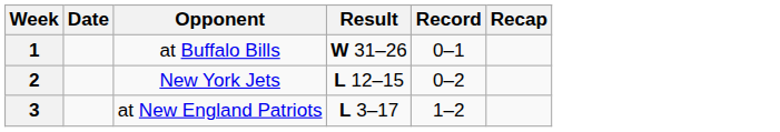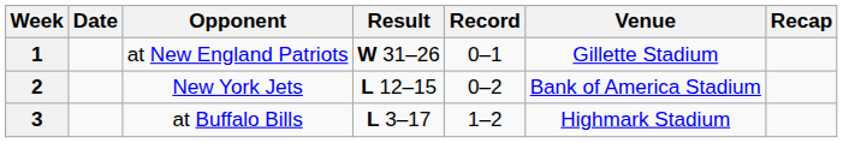 <table class="wikitable" style="text-align:center">
 <tr>
 <th>Week</th>
 <th>Date</th>
 <th>Opponent</th>
 <th>Result</th>
 <th>Record</th>
+<th>Venue</th>
 <th>Recap</th>
 </tr>
 <tr>
 <th>1</th>
 <td></td>
-<td>at <a href='#'>Buffalo Bills</a></td>
+<td>at <a href='#'>New England Patriots</a></td>
 <td><strong>W</strong> 31–26</td>
 <td>0–1</td>
+<td><a href='#'>Gillette Stadium</a></td>
 <td></td>
 </tr>
 <tr>
 <th>2</th>
 <td></td>
 <td><a href='#'>New York Jets</a></td>
 <td><strong>L</strong> 12–15</td>
 <td>0–2</td>
+<td><a href='#'>Bank of America Stadium</a></td>
 <td></td>
 </tr>
 <tr>
 <th>3</th>
 <td></td>
-<td>at <a href='#'>New England Patriots</a></td>
+<td>at <a href='#'>Buffalo Bills</a></td>
 <td><strong>L</strong> 3–17</td>
 <td>1–2</td>
+<td><a href='#'>Highmark Stadium</a></td>
 <td></td>
 </tr>
 </table>
